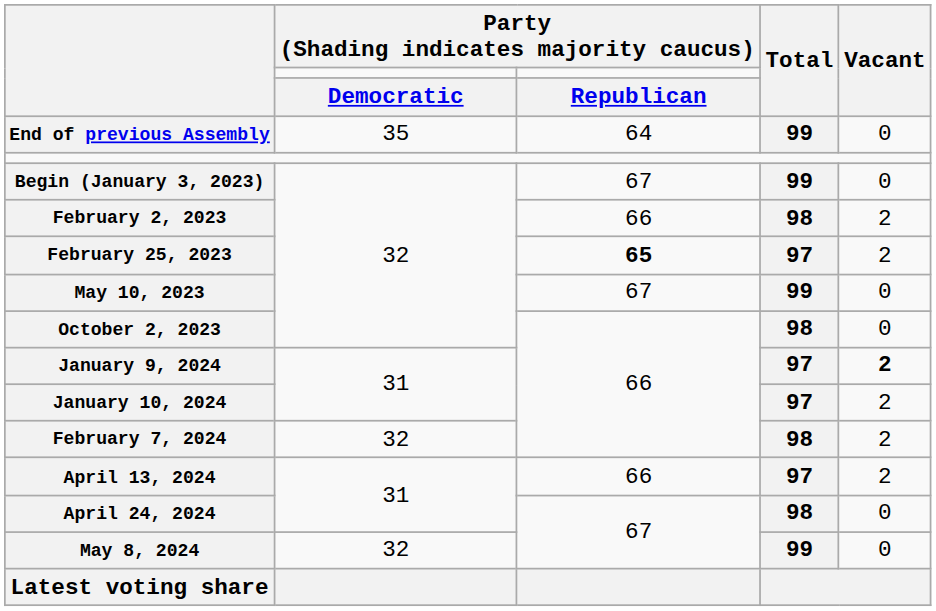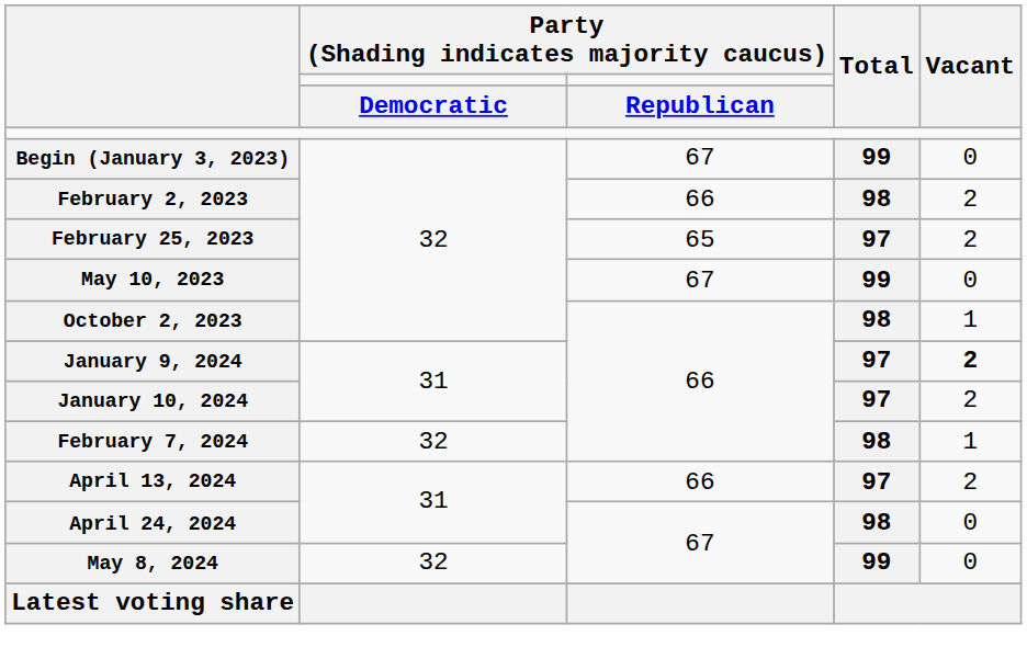 <table class="wikitable" style="text-align:center">
 <tr>
 <th rowspan="3"></th>
 <th colspan="2">Party <div>(Shading indicates majority caucus)</div></th>
 <th rowspan="3">Total</th>
 <th rowspan="3">Vacant</th>
 </tr>
 <tr style="height:5px">
 <td style="background-color:"></td>
 <td style="background-color:"></td>
 </tr>
 <tr>
 <th><a href='#'>Democratic</a></th>
 <th><a href='#'>Republican</a></th>
-</tr>
-<tr>
-<th nowrap="" style="font-size:80%">End of <a href='#'>previous Assembly</a></th>
-<td>35</td>
-<td>64</td>
-<th>99</th>
-<td>0</td>
 </tr>
 <tr>
 <td colspan="5"></td>
 </tr>
 <tr>
 <th nowrap="" style="font-size:80%">Begin (January 3, 2023)</th>
 <td rowspan="5">32</td>
 <td>67</td>
 <th>99</th>
 <td>0</td>
 </tr>
 <tr>
 <th nowrap="" style="font-size:80%">February 2, 2023</th>
 <td>66</td>
 <th>98</th>
 <td>2</td>
 </tr>
 <tr>
 <th nowrap="" style="font-size:80%">February 25, 2023</th>
-<td><strong>65</strong></td>
+<td>65</td>
 <th>97</th>
 <td>2</td>
 </tr>
 <tr>
 <th nowrap="" style="font-size:80%">May 10, 2023</th>
 <td>67</td>
 <th>99</th>
 <td>0</td>
 </tr>
 <tr>
 <th nowrap="" style="font-size:80%">October 2, 2023</th>
 <td rowspan="4" >66</td>
 <th>98</th>
-<td>0</td>
+<td>1</td>
 </tr>
 <tr>
 <th nowrap="" style="font-size:80%">January 9, 2024</th>
 <td rowspan="2">31</td>
 <th>97</th>
 <td><strong>2</strong></td>
 </tr>
 <tr>
 <th nowrap="" style="font-size:80%">January 10, 2024</th>
 <th>97</th>
 <td>2</td>
 </tr>
 <tr>
 <th nowrap="" style="font-size:80%">February 7, 2024</th>
 <td>32</td>
 <th>98</th>
-<td>2</td>
+<td>1</td>
 </tr>
 <tr>
 <th nowrap="" style="font-size:80%">April 13, 2024</th>
 <td rowspan="2">31</td>
 <td>66</td>
 <th>97</th>
 <td>2</td>
 </tr>
 <tr>
 <th nowrap="" style="font-size:80%">April 24, 2024</th>
 <td rowspan="2" >67</td>
 <th>98</th>
 <td>0</td>
 </tr>
 <tr>
 <th nowrap="" style="font-size:80%">May 8, 2024</th>
 <td>32</td>
 <th>99</th>
 <td>0</td>
 </tr>
 <tr>
 <th>Latest voting share</th>
 <th></th>
 <th></th>
 <th colspan="2"></th>
 </tr>
 </table>
